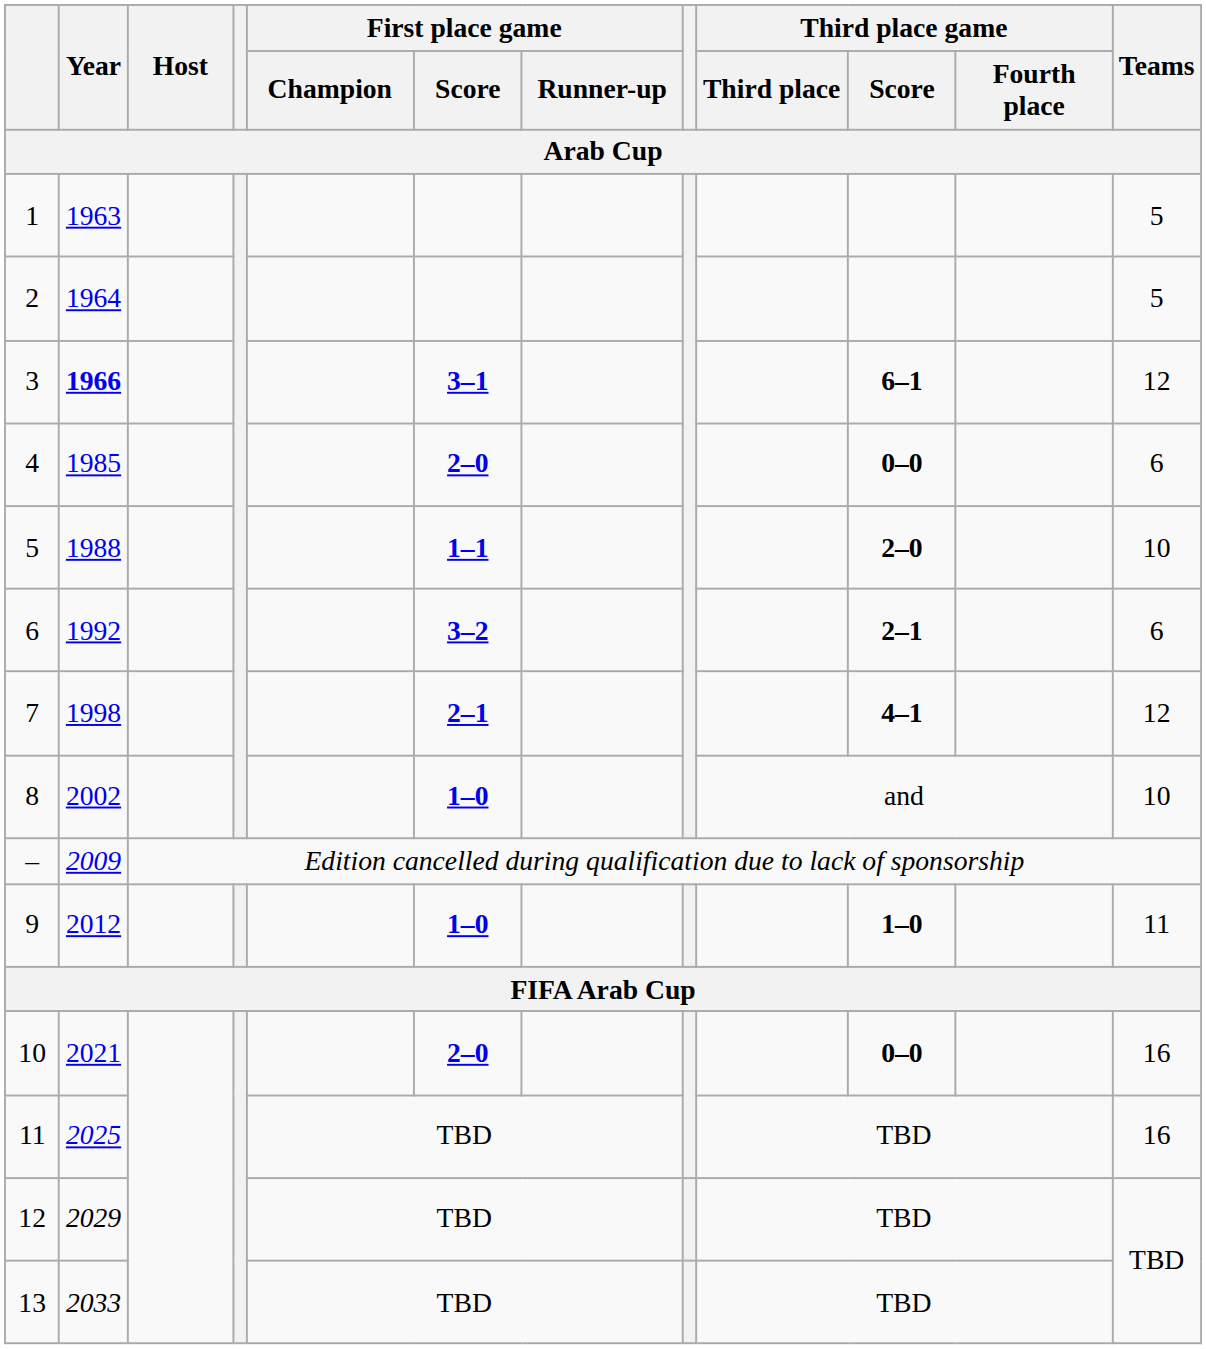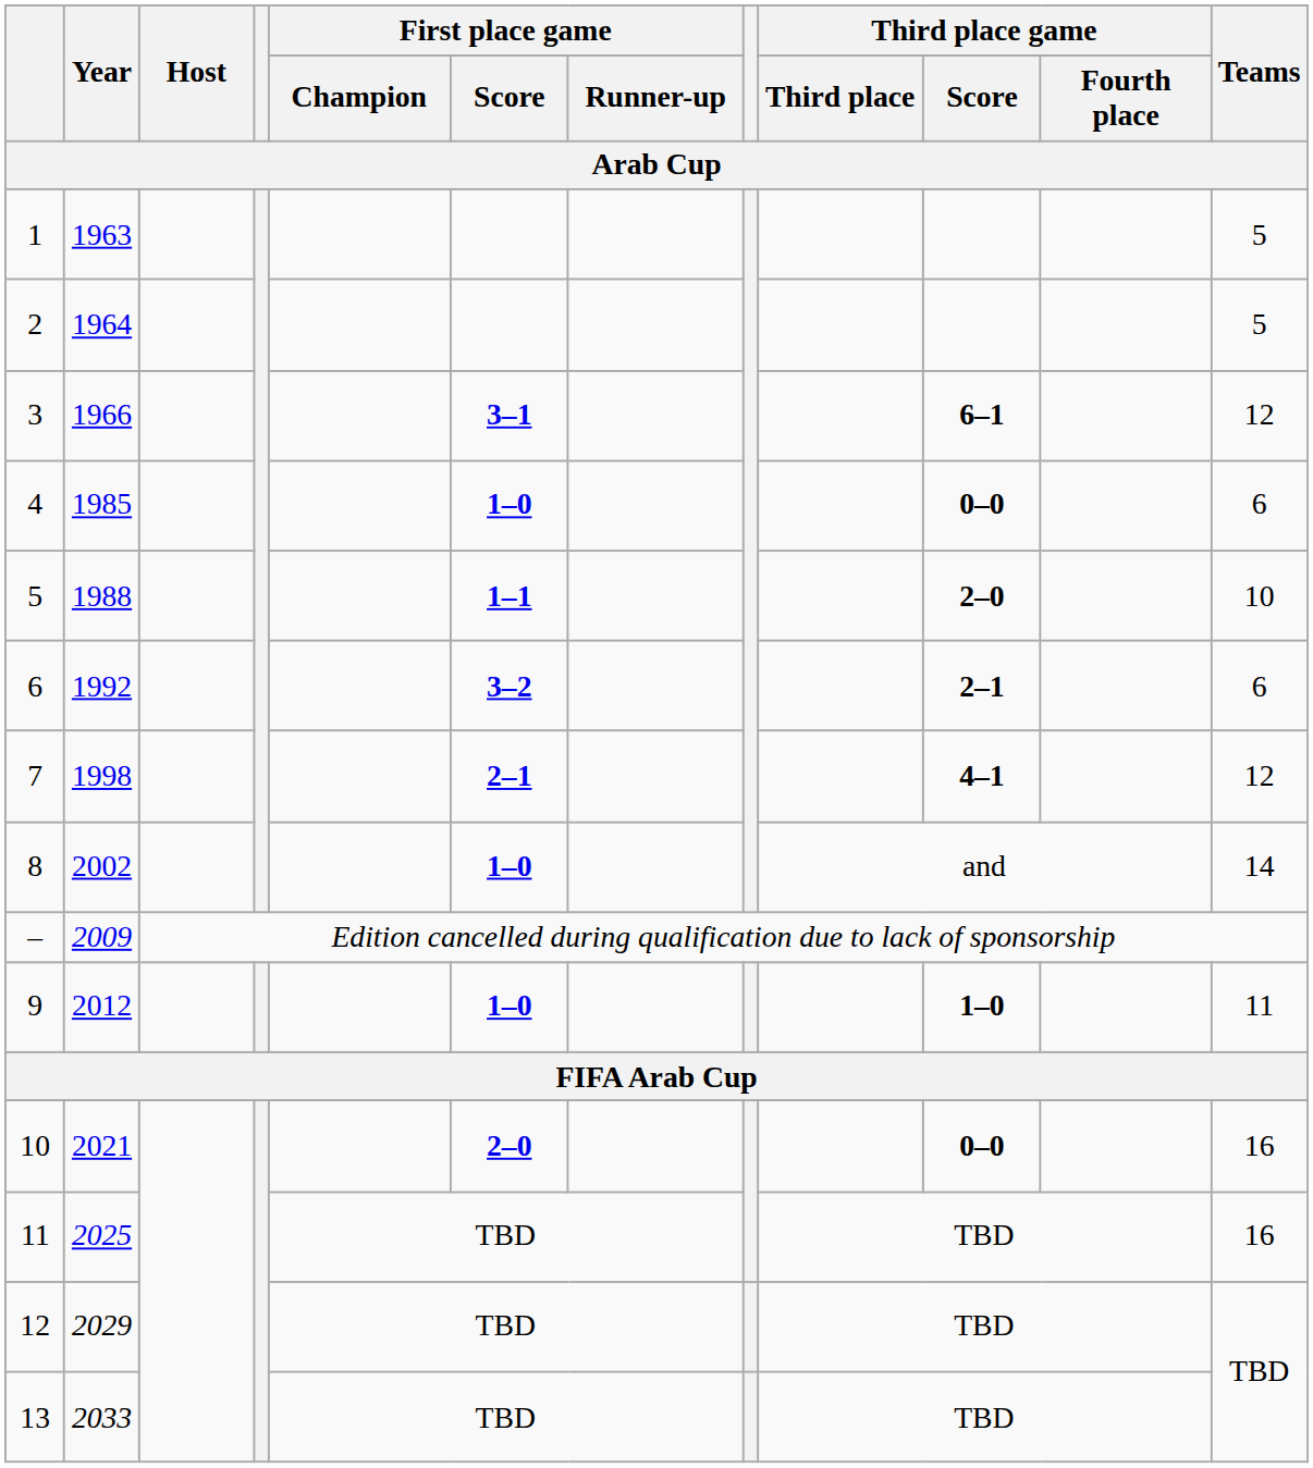 <table class="wikitable" style="font-size:90%; text-align:center; width:100%;">
 <tr>
 <th rowspan="2" style="width:5%;"></th>
 <th rowspan="2" style="width:5%;">Year</th>
 <th rowspan="2" style="width:10%;">Host</th>
 <th rowspan="2"></th>
 <th colspan="3">First place game</th>
 <th rowspan="2"></th>
 <th colspan="3">Third place game</th>
 <th rowspan="2" style="width:5%;">Teams</th>
 </tr>
 <tr>
 <th style="width:15%;"> Champion</th>
 <th style="width:10%;">Score</th>
 <th style="width:15%;"> Runner-up</th>
 <th style="width:15%;"> Third place</th>
 <th style="width:10%;">Score</th>
 <th style="width:15%;">Fourth place</th>
 </tr>
 <tr>
 <th colspan="12">Arab Cup</th>
 </tr>
 <tr style=" height:3em;">
 <td>1</td>
 <td><a href='#'>1963</a></td>
 <td style="text-align:left"></td>
 <th rowspan="8"></th>
 <td><strong></strong></td>
 <td></td>
 <td></td>
 <th rowspan="8"></th>
 <td></td>
 <td></td>
 <td></td>
 <td>5</td>
 </tr>
 <tr style=" height:3em;">
 <td>2</td>
 <td><a href='#'>1964</a></td>
 <td style="text-align:left"></td>
 <td><strong></strong></td>
 <td></td>
 <td></td>
 <td></td>
 <td></td>
 <td></td>
 <td>5</td>
 </tr>
 <tr style=" height:3em;">
 <td>3</td>
-<td><strong><a href='#'>1966</a></strong></td>
+<td><a href='#'>1966</a></td>
 <td style="text-align:left"></td>
 <td><strong></strong></td>
 <td><strong><a href='#'>3–1</a></strong></td>
 <td></td>
 <td></td>
 <td><strong>6–1</strong></td>
 <td></td>
 <td>12</td>
 </tr>
 <tr style=" height:3em;">
 <td>4</td>
 <td><a href='#'>1985</a></td>
 <td style="text-align:left"></td>
 <td><strong></strong></td>
-<td><strong><a href='#'>2–0</a></strong> </td>
+<td><strong><a href='#'>1–0</a></strong></td>
 <td></td>
 <td></td>
 <td><strong>0–0</strong> <br></td>
 <td></td>
 <td>6</td>
 </tr>
 <tr style=" height:3em;">
 <td>5</td>
 <td><a href='#'>1988</a></td>
 <td style="text-align:left"></td>
 <td><strong></strong></td>
 <td><strong><a href='#'>1–1</a></strong> <br></td>
 <td></td>
 <td></td>
 <td><strong>2–0</strong></td>
 <td></td>
 <td>10</td>
 </tr>
 <tr style=" height:3em;">
 <td>6</td>
 <td><a href='#'>1992</a></td>
 <td style="text-align:left"></td>
 <td><strong></strong></td>
 <td><strong><a href='#'>3–2</a></strong></td>
 <td></td>
 <td></td>
 <td><strong>2–1</strong></td>
 <td></td>
 <td>6</td>
 </tr>
 <tr style=" height:3em;">
 <td>7</td>
 <td><a href='#'>1998</a></td>
 <td style="text-align:left"></td>
 <td><strong></strong></td>
 <td><strong><a href='#'>2–1</a></strong></td>
 <td></td>
 <td></td>
 <td><strong>4–1</strong></td>
 <td></td>
 <td>12</td>
 </tr>
 <tr style=" height:3em;">
 <td>8</td>
 <td><a href='#'>2002</a></td>
 <td style="text-align:left"></td>
 <td><strong></strong></td>
 <td><strong><a href='#'>1–0</a></strong> </td>
 <td></td>
 <td colspan="3"> and </td>
-<td>10</td>
+<td>14</td>
 </tr>
 <tr>
 <td>–</td>
 <td><em><a href='#'>2009</a></em></td>
 <td colspan="10"><em>Edition cancelled during qualification due to lack of sponsorship</em></td>
 </tr>
 <tr style=" height:3em;">
 <td>9</td>
 <td><a href='#'>2012</a></td>
 <td style="text-align:left"></td>
 <th></th>
 <td><strong></strong></td>
 <td><strong><a href='#'>1–0</a></strong> </td>
 <td></td>
 <th></th>
 <td></td>
 <td><strong>1–0</strong></td>
 <td></td>
 <td>11</td>
 </tr>
 <tr>
 <th colspan="12">FIFA Arab Cup</th>
 </tr>
 <tr style=" height:3em;">
 <td>10</td>
 <td><a href='#'>2021</a></td>
 <td rowspan="4" style="text-align:left"></td>
 <th rowspan="4"></th>
 <td><strong></strong></td>
 <td><strong><a href='#'>2–0</a></strong> </td>
 <td></td>
 <th rowspan="2"></th>
 <td></td>
 <td><strong>0–0</strong> <br></td>
 <td></td>
 <td>16</td>
 </tr>
 <tr style=" height:3em;">
 <td>11</td>
 <td><em><a href='#'>2025</a></em></td>
 <td colspan="3">TBD</td>
 <td colspan="3">TBD</td>
 <td>16</td>
 </tr>
 <tr style=" height:3em;">
 <td>12</td>
 <td><em>2029</em></td>
 <td colspan="3">TBD</td>
 <th></th>
 <td colspan="3">TBD</td>
 <td rowspan="2">TBD</td>
 </tr>
 <tr style=" height:3em;">
 <td>13</td>
 <td><em>2033</em></td>
 <td colspan="3">TBD</td>
 <th></th>
 <td colspan="3">TBD</td>
 </tr>
 </table>
